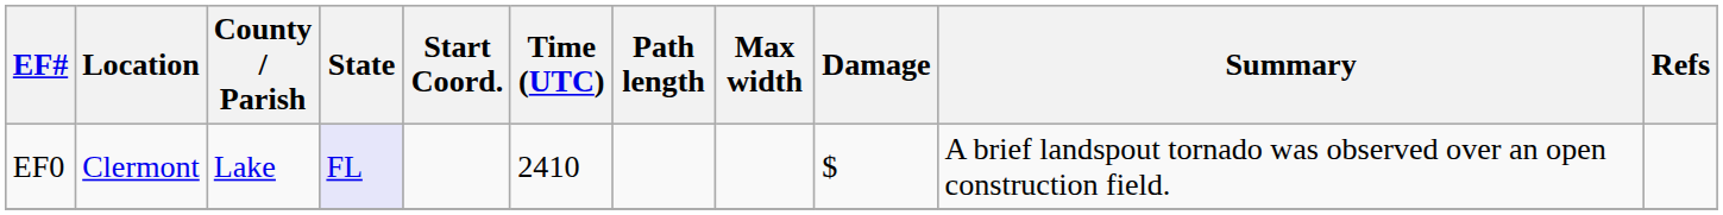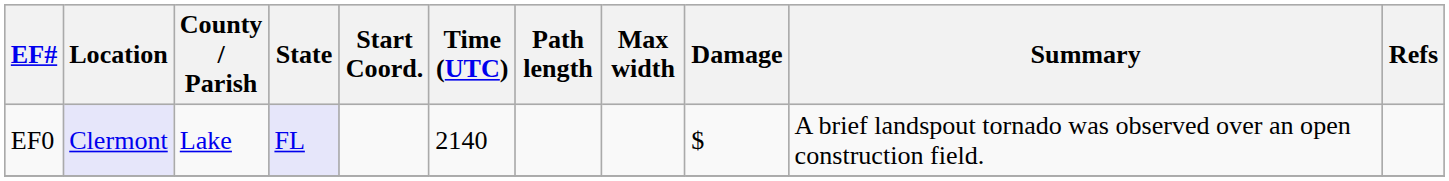 <table class="wikitable sortable" style="width:100%;">
 <tr>
 <th scope="col" width="3%" align="center"><a href='#'>EF#</a></th>
 <th scope="col" width="7%" align="center" class="unsortable">Location</th>
 <th scope="col" width="6%" align="center" class="unsortable">County / Parish</th>
 <th scope="col" width="5%" align="center">State</th>
 <th scope="col" width="6%" align="center">Start Coord.</th>
 <th scope="col" width="6%" align="center">Time (<a href='#'>UTC</a>)</th>
 <th scope="col" width="6%" align="center">Path length</th>
 <th scope="col" width="6%" align="center">Max width</th>
 <th scope="col" width="6%" align="center">Damage</th>
 <th scope="col" width="48%" class="unsortable" align="center">Summary</th>
 <th scope="col" width="48%" class="unsortable" align="center">Refs</th>
 </tr>
 <tr>
 <td>EF0</td>
-<td><a href='#'>Clermont</a></td>
+<td style="background: lavender;"><a href='#'>Clermont</a></td>
 <td><a href='#'>Lake</a></td>
 <td style="background: lavender;"><a href='#'>FL</a></td>
 <td></td>
-<td>2410</td>
+<td>2140</td>
 <td></td>
 <td></td>
 <td>$</td>
 <td>A brief landspout tornado was observed over an open construction field.</td>
 <td></td>
 </tr>
 <tr>
 </tr>
 </table>
